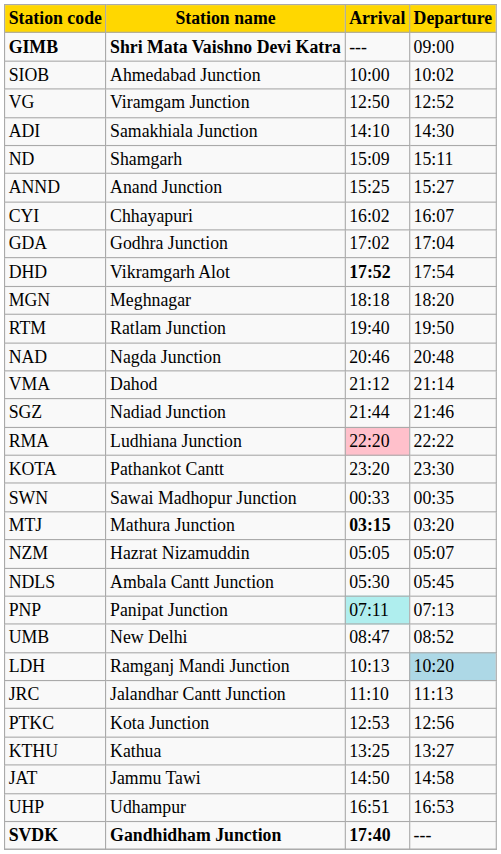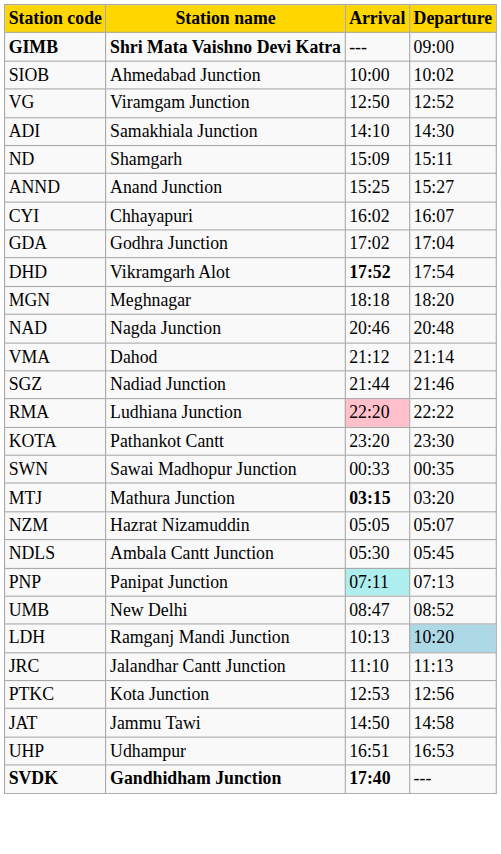 <table class="wikitable">
 <tr>
 <th style="background:gold;">Station code</th>
 <th ! style="background:gold;">Station name</th>
 <th ! style="background:gold;">Arrival</th>
 <th ! style="background:gold;">Departure</th>
 </tr>
 <tr>
 <td><strong>GIMB</strong></td>
 <td><strong>Shri Mata Vaishno Devi Katra</strong></td>
 <td>---</td>
 <td>09:00</td>
 </tr>
 <tr>
 <td>SIOB</td>
 <td>Ahmedabad Junction</td>
 <td>10:00</td>
 <td>10:02</td>
 </tr>
 <tr>
 <td>VG</td>
 <td>Viramgam Junction</td>
 <td>12:50</td>
 <td>12:52</td>
 </tr>
 <tr>
 <td>ADI</td>
 <td>Samakhiala Junction</td>
 <td>14:10</td>
 <td>14:30</td>
 </tr>
 <tr>
 <td>ND</td>
 <td>Shamgarh</td>
 <td>15:09</td>
 <td>15:11</td>
 </tr>
 <tr>
 <td>ANND</td>
 <td>Anand Junction</td>
 <td>15:25</td>
 <td>15:27</td>
 </tr>
 <tr>
 <td>CYI</td>
 <td>Chhayapuri</td>
 <td>16:02</td>
 <td>16:07</td>
 </tr>
 <tr>
 <td>GDA</td>
 <td>Godhra Junction</td>
 <td>17:02</td>
 <td>17:04</td>
 </tr>
 <tr>
 <td>DHD</td>
 <td>Vikramgarh Alot</td>
 <td><strong>17:52</strong></td>
 <td>17:54</td>
 </tr>
 <tr>
 <td>MGN</td>
 <td>Meghnagar</td>
 <td>18:18</td>
 <td>18:20</td>
-</tr>
-<tr>
-<td>RTM</td>
-<td>Ratlam Junction</td>
-<td>19:40</td>
-<td>19:50</td>
 </tr>
 <tr>
 <td>NAD</td>
 <td>Nagda Junction</td>
 <td>20:46</td>
 <td>20:48</td>
 </tr>
 <tr>
 <td>VMA</td>
 <td>Dahod</td>
 <td>21:12</td>
 <td>21:14</td>
 </tr>
 <tr>
 <td>SGZ</td>
 <td>Nadiad Junction</td>
 <td>21:44</td>
 <td>21:46</td>
 </tr>
 <tr>
 <td>RMA</td>
 <td>Ludhiana Junction</td>
 <td style="background: pink;">22:20</td>
 <td>22:22</td>
 </tr>
 <tr>
 <td>KOTA</td>
 <td>Pathankot Cantt</td>
 <td>23:20</td>
 <td>23:30</td>
 </tr>
 <tr>
 <td>SWN</td>
 <td>Sawai Madhopur Junction</td>
 <td>00:33</td>
 <td>00:35</td>
 </tr>
 <tr>
 <td>MTJ</td>
 <td>Mathura Junction</td>
 <td><strong>03:15</strong></td>
 <td>03:20</td>
 </tr>
 <tr>
 <td>NZM</td>
 <td>Hazrat Nizamuddin</td>
 <td>05:05</td>
 <td>05:07</td>
 </tr>
 <tr>
 <td>NDLS</td>
 <td>Ambala Cantt Junction</td>
 <td>05:30</td>
 <td>05:45</td>
 </tr>
 <tr>
 <td>PNP</td>
 <td>Panipat Junction</td>
 <td style="background: paleturquoise;">07:11</td>
 <td>07:13</td>
 </tr>
 <tr>
 <td>UMB</td>
 <td>New Delhi</td>
 <td>08:47</td>
 <td>08:52</td>
 </tr>
 <tr>
 <td>LDH</td>
 <td>Ramganj Mandi Junction</td>
 <td>10:13</td>
 <td style="background: lightblue;">10:20</td>
 </tr>
 <tr>
 <td>JRC</td>
 <td>Jalandhar Cantt Junction</td>
 <td>11:10</td>
 <td>11:13</td>
 </tr>
 <tr>
 <td>PTKC</td>
 <td>Kota Junction</td>
 <td>12:53</td>
 <td>12:56</td>
 </tr>
 <tr>
-<td>KTHU</td>
-<td>Kathua</td>
-<td>13:25</td>
-<td>13:27</td>
-</tr>
-<tr>
 <td>JAT</td>
 <td>Jammu Tawi</td>
 <td>14:50</td>
 <td>14:58</td>
 </tr>
 <tr>
 <td>UHP</td>
 <td>Udhampur</td>
 <td>16:51</td>
 <td>16:53</td>
 </tr>
 <tr>
 <td><strong>SVDK</strong></td>
 <td><strong>Gandhidham Junction</strong></td>
 <td><strong>17:40</strong></td>
 <td>---</td>
 </tr>
 <tr>
 </tr>
 </table>
